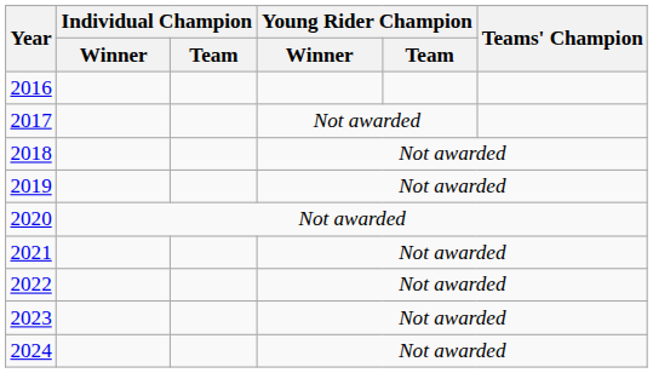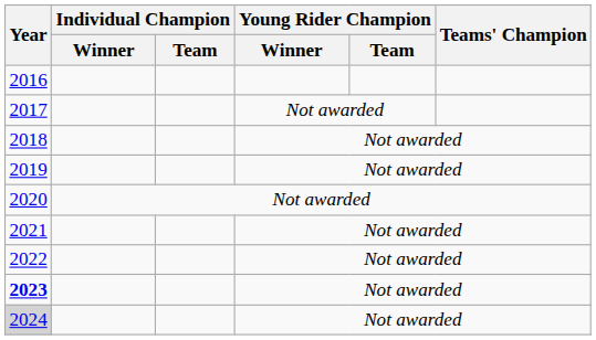 <table class="wikitable">
 <tr>
 <th rowspan="2">Year</th>
 <th colspan="2">Individual Champion</th>
 <th colspan="2">Young Rider Champion</th>
 <th rowspan="2">Teams' Champion</th>
 </tr>
 <tr>
 <th>Winner</th>
 <th>Team</th>
 <th>Winner</th>
 <th>Team</th>
 </tr>
 <tr>
 <td><a href='#'>2016</a></td>
 <td></td>
 <td></td>
 <td></td>
 <td></td>
 <td></td>
 </tr>
 <tr>
 <td><a href='#'>2017</a></td>
 <td></td>
 <td></td>
 <td align="center" colspan="2"><em>Not awarded</em></td>
 <td></td>
 </tr>
 <tr>
 <td><a href='#'>2018</a></td>
 <td></td>
 <td></td>
 <td align="center" colspan="3"><em>Not awarded</em></td>
 </tr>
 <tr>
 <td><a href='#'>2019</a></td>
 <td></td>
 <td></td>
 <td align="center" colspan="3"><em>Not awarded</em></td>
 </tr>
 <tr>
 <td><a href='#'>2020</a></td>
 <td align="center" colspan="5"><em>Not awarded</em></td>
 </tr>
 <tr>
 <td><a href='#'>2021</a></td>
 <td></td>
 <td></td>
 <td align="center" colspan="3"><em>Not awarded</em></td>
 </tr>
 <tr>
 <td><a href='#'>2022</a></td>
 <td></td>
 <td></td>
 <td align="center" colspan="3"><em>Not awarded</em></td>
 </tr>
 <tr>
-<td><a href='#'>2023</a></td>
+<td><strong><a href='#'>2023</a></strong></td>
 <td></td>
 <td></td>
 <td align="center" colspan="3"><em>Not awarded</em></td>
 </tr>
 <tr>
-<td><a href='#'>2024</a></td>
+<td style="background: lightgrey;"><a href='#'>2024</a></td>
 <td></td>
 <td></td>
 <td align="center" colspan="3"><em>Not awarded</em></td>
 </tr>
 </table>
